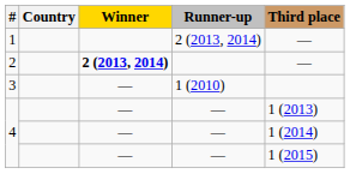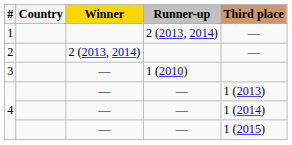 <table class="wikitable">
 <tr>
 <th>#</th>
 <th>Country</th>
 <th scope=col style="background-color: gold">Winner</th>
 <th scope=col style="background-color: silver">Runner-up</th>
 <th scope=col style="background-color: #cc9966">Third place</th>
 </tr>
 <tr>
 <td>1</td>
 <td></td>
 <td></td>
 <td>2 (<a href='#'>2013</a>, <a href='#'>2014</a>)</td>
 <td style="text-align: center">—</td>
 </tr>
 <tr>
 <td>2</td>
 <td></td>
-<td><strong>2 (<a href='#'>2013</a>, <a href='#'>2014</a>)</strong></td>
+<td>2 (<a href='#'>2013</a>, <a href='#'>2014</a>)</td>
 <td></td>
 <td style="text-align: center">—</td>
 </tr>
 <tr>
 <td>3</td>
 <td></td>
 <td style="text-align: center">—</td>
 <td>1 (<a href='#'>2010</a>)</td>
 <td></td>
 </tr>
 <tr>
 <td rowspan=3>4</td>
 <td></td>
 <td style="text-align: center">—</td>
 <td style="text-align: center">—</td>
 <td>1 (<a href='#'>2013</a>)</td>
 </tr>
 <tr>
 <td></td>
 <td style="text-align: center">—</td>
 <td style="text-align: center">—</td>
 <td>1 (<a href='#'>2014</a>)</td>
 </tr>
 <tr>
 <td></td>
 <td style="text-align: center">—</td>
 <td style="text-align: center">—</td>
 <td>1 (<a href='#'>2015</a>)</td>
 </tr>
 </table>
